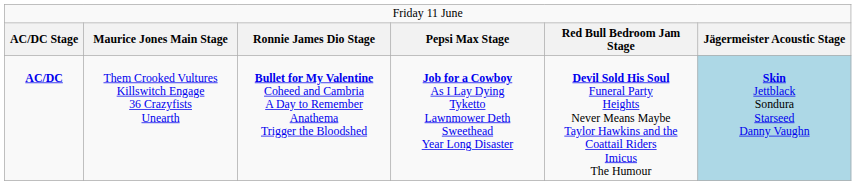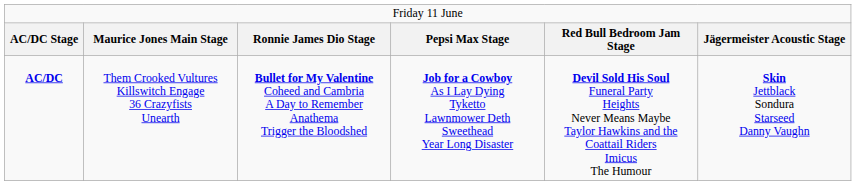 <table class="wikitable">
 <tr>
 <td colspan="6" style="text-align:center;">Friday 11 June</td>
 </tr>
 <tr>
 <th>AC/DC Stage</th>
 <th>Maurice Jones Main Stage</th>
 <th>Ronnie James Dio Stage</th>
 <th>Pepsi Max Stage</th>
 <th>Red Bull Bedroom Jam Stage</th>
 <th>Jägermeister Acoustic Stage</th>
 </tr>
 <tr>
 <td style="text-align:center; vertical-align:top; width:100px;"><br><strong><a href='#'>AC/DC</a></strong> <br></td>
 <td style="text-align:center; vertical-align:top; width:200px;"><br><a href='#'>Them Crooked Vultures</a> <br> <a href='#'>Killswitch Engage</a>  <br> <a href='#'>36 Crazyfists</a> <br> <a href='#'>Unearth</a> <br></td>
 <td style="text-align:center; vertical-align:top; width:200px;"><br><strong><a href='#'>Bullet for My Valentine</a></strong><br> <a href='#'>Coheed and Cambria</a><br> <a href='#'>A Day to Remember</a><br> <a href='#'>Anathema</a><br> <a href='#'>Trigger the Bloodshed</a> <br></td>
 <td style="text-align:center; vertical-align:top; width:200px;"><br><strong><a href='#'>Job for a Cowboy</a></strong> <br> <a href='#'>As I Lay Dying</a><br> <a href='#'>Tyketto</a><br> <a href='#'>Lawnmower Deth</a><br> <a href='#'>Sweethead</a><br> <a href='#'>Year Long Disaster</a><br></td>
 <td style="text-align:center; vertical-align:top; width:200px;"><br><strong><a href='#'>Devil Sold His Soul</a></strong><br> <a href='#'>Funeral Party</a><br> <a href='#'>Heights</a><br> Never Means Maybe<br> <a href='#'>Taylor Hawkins and the Coattail Riders</a><br> <a href='#'>Imicus</a><br> The Humour<br></td>
-<td style="background: lightblue; text-align:center; vertical-align:top; width:200px;"><br><strong><a href='#'>Skin</a></strong><br> <a href='#'>Jettblack</a><br> Sondura<br> <a href='#'>Starseed</a><br> <a href='#'>Danny Vaughn</a><br></td>
+<td style="text-align:center; vertical-align:top; width:200px;"><br><strong><a href='#'>Skin</a></strong><br> <a href='#'>Jettblack</a><br> Sondura<br> <a href='#'>Starseed</a><br> <a href='#'>Danny Vaughn</a><br></td>
 </tr>
 </table>
